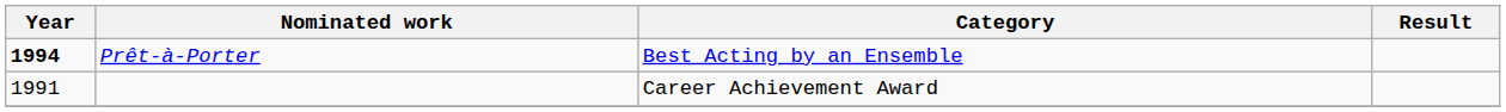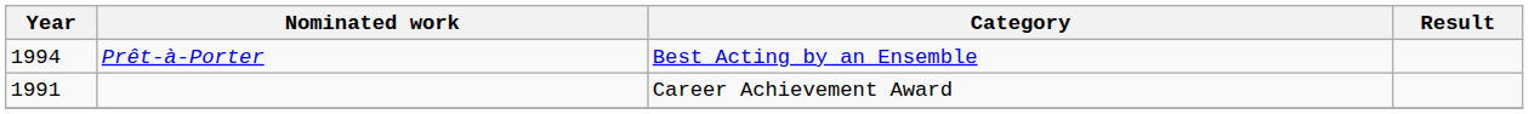 <table width="75%" class="wikitable">
 <tr>
 <th width="10">Year</th>
 <th width="220">Nominated work</th>
 <th width="300">Category</th>
 <th width="30">Result</th>
 </tr>
 <tr>
-<td><strong>1994</strong></td>
+<td>1994</td>
 <td><em><a href='#'>Prêt-à-Porter</a></em></td>
 <td><a href='#'>Best Acting by an Ensemble</a></td>
 <td></td>
 </tr>
 <tr>
 <td>1991</td>
 <td></td>
 <td>Career Achievement Award</td>
 <td></td>
 </tr>
 <tr>
 </tr>
 </table>
